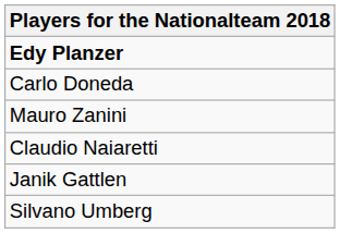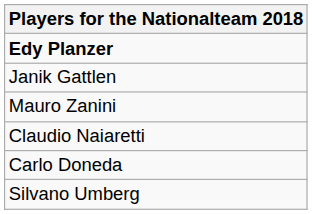 <table class="wikitable">
 <tr>
 <th> <strong>Players for the Nationalteam 2018</strong></th>
 </tr>
 <tr>
 <td><strong> Edy Planzer</strong></td>
 </tr>
 <tr>
-<td> Carlo Doneda</td>
+<td> Janik Gattlen</td>
 </tr>
 <tr>
 <td> Mauro Zanini</td>
 </tr>
 <tr>
 <td> Claudio Naiaretti</td>
 </tr>
 <tr>
-<td> Janik Gattlen</td>
+<td> Carlo Doneda</td>
 </tr>
 <tr>
 <td> Silvano Umberg</td>
 </tr>
 </table>
